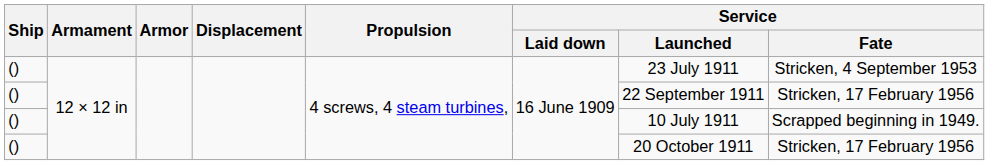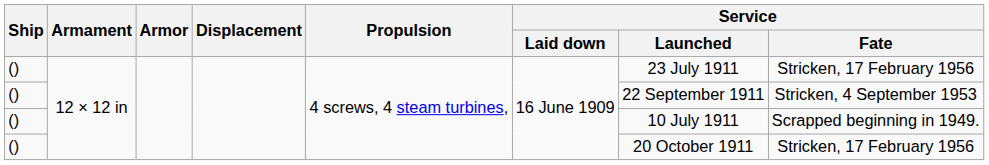 <table class="wikitable">
 <tr valign="center">
 <th align= center rowspan=2>Ship</th>
 <th align= center rowspan=2>Armament</th>
 <th align= center rowspan=2>Armor</th>
 <th align= center rowspan=2>Displacement</th>
 <th align= center rowspan=2>Propulsion</th>
 <th align= center colspan=3>Service</th>
 </tr>
 <tr valign="top">
 <th align= center>Laid down</th>
 <th align= center>Launched</th>
 <th align= center>Fate</th>
 </tr>
 <tr valign="center">
 <td align= left> ()</td>
 <td align= center rowspan=4>12 × 12 in</td>
 <td align= center rowspan=4></td>
 <td align= center rowspan=4></td>
 <td align= center rowspan=4>4 screws, 4 <a href='#'>steam turbines</a>, </td>
 <td align= center  rowspan=4>16 June 1909</td>
 <td align= center>23 July 1911</td>
-<td align= center>Stricken, 4 September 1953</td>
+<td align= center>Stricken, 17 February 1956</td>
 </tr>
 <tr valign="center">
 <td align= left> ()</td>
 <td align= center>22 September 1911</td>
-<td align= center>Stricken, 17 February 1956</td>
+<td align= center>Stricken, 4 September 1953</td>
 </tr>
 <tr valign="center">
 <td align= left> ()</td>
 <td align= center>10 July 1911</td>
 <td align= center>Scrapped beginning in 1949.</td>
 </tr>
 <tr valign="center">
 <td align= left> ()</td>
 <td align= center>20 October 1911</td>
 <td align= center>Stricken, 17 February 1956</td>
 </tr>
 </table>
